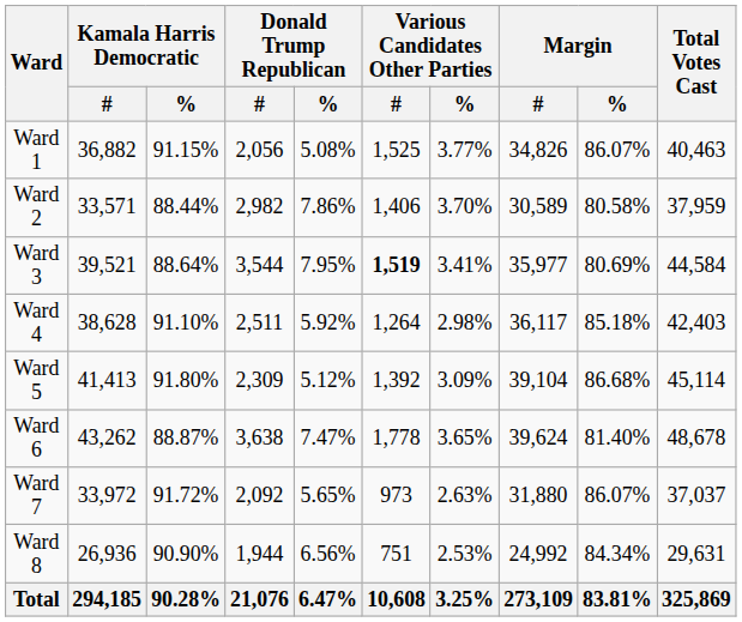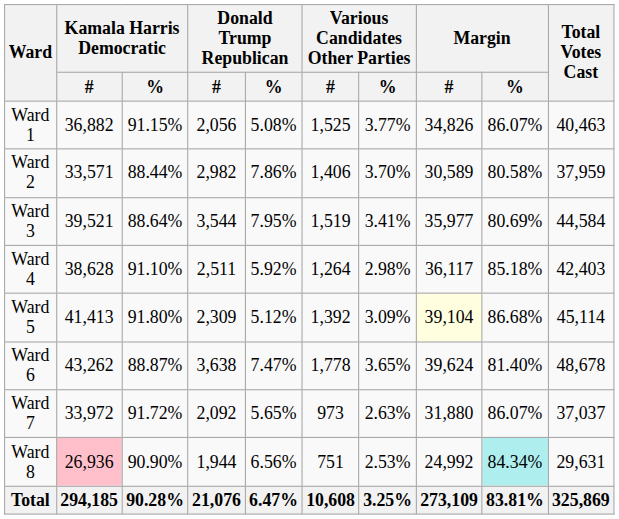 <table width="60%" class="wikitable sortable">
 <tr>
 <th rowspan="2">Ward</th>
 <th colspan="2">Kamala Harris<br>Democratic</th>
 <th colspan="2">Donald Trump<br>Republican</th>
 <th colspan="2">Various Candidates<br>Other Parties</th>
 <th colspan="2">Margin</th>
 <th rowspan="2">Total Votes Cast</th>
 </tr>
 <tr>
 <th style="text-align:center;" data-sort-type="number">#</th>
 <th style="text-align:center;" data-sort-type="number">%</th>
 <th style="text-align:center;" data-sort-type="number">#</th>
 <th style="text-align:center;" data-sort-type="number">%</th>
 <th style="text-align:center;" data-sort-type="number">#</th>
 <th style="text-align:center;" data-sort-type="number">%</th>
 <th style="text-align:center;" data-sort-type="number">#</th>
 <th style="text-align:center;" data-sort-type="number">%</th>
 </tr>
 <tr style="text-align:center;">
 <td>Ward 1</td>
 <td>36,882</td>
 <td>91.15%</td>
 <td>2,056</td>
 <td>5.08%</td>
 <td>1,525</td>
 <td>3.77%</td>
 <td>34,826</td>
 <td>86.07%</td>
 <td>40,463</td>
 </tr>
 <tr style="text-align:center;">
 <td>Ward 2</td>
 <td>33,571</td>
 <td>88.44%</td>
 <td>2,982</td>
 <td>7.86%</td>
 <td>1,406</td>
 <td>3.70%</td>
 <td>30,589</td>
 <td>80.58%</td>
 <td>37,959</td>
 </tr>
 <tr style="text-align:center;">
 <td>Ward 3</td>
 <td>39,521</td>
 <td>88.64%</td>
 <td>3,544</td>
 <td>7.95%</td>
-<td><strong>1,519</strong></td>
+<td>1,519</td>
 <td>3.41%</td>
 <td>35,977</td>
 <td>80.69%</td>
 <td>44,584</td>
 </tr>
 <tr style="text-align:center;">
 <td>Ward 4</td>
 <td>38,628</td>
 <td>91.10%</td>
 <td>2,511</td>
 <td>5.92%</td>
 <td>1,264</td>
 <td>2.98%</td>
 <td>36,117</td>
 <td>85.18%</td>
 <td>42,403</td>
 </tr>
 <tr style="text-align:center;">
 <td>Ward 5</td>
 <td>41,413</td>
 <td>91.80%</td>
 <td>2,309</td>
 <td>5.12%</td>
 <td>1,392</td>
 <td>3.09%</td>
-<td>39,104</td>
+<td style="background: lightyellow;">39,104</td>
 <td>86.68%</td>
 <td>45,114</td>
 </tr>
 <tr style="text-align:center;">
 <td>Ward 6</td>
 <td>43,262</td>
 <td>88.87%</td>
 <td>3,638</td>
 <td>7.47%</td>
 <td>1,778</td>
 <td>3.65%</td>
 <td>39,624</td>
 <td>81.40%</td>
 <td>48,678</td>
 </tr>
 <tr style="text-align:center;">
 <td>Ward 7</td>
 <td>33,972</td>
 <td>91.72%</td>
 <td>2,092</td>
 <td>5.65%</td>
 <td>973</td>
 <td>2.63%</td>
 <td>31,880</td>
 <td>86.07%</td>
 <td>37,037</td>
 </tr>
 <tr style="text-align:center;">
 <td>Ward 8</td>
-<td>26,936</td>
+<td style="background: pink;">26,936</td>
 <td>90.90%</td>
 <td>1,944</td>
 <td>6.56%</td>
 <td>751</td>
 <td>2.53%</td>
 <td>24,992</td>
-<td>84.34%</td>
+<td style="background: paleturquoise;">84.34%</td>
 <td>29,631</td>
 </tr>
 <tr style="text-align:center;">
 <th>Total</th>
 <th>294,185</th>
 <th>90.28%</th>
 <th>21,076</th>
 <th>6.47%</th>
 <th>10,608</th>
 <th>3.25%</th>
 <th>273,109</th>
 <th>83.81%</th>
 <th>325,869</th>
 </tr>
 </table>
